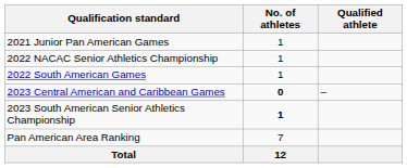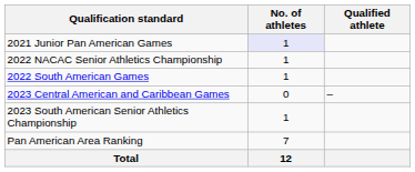 <table class="wikitable" style="text-align:left; width:600px;">
 <tr>
 <th>Qualification standard</th>
 <th>No. of athletes</th>
 <th>Qualified athlete</th>
 </tr>
 <tr>
 <td>2021 Junior Pan American Games</td>
-<td align=center>1</td>
+<td align=center style="background: lavender;">1</td>
 <td></td>
 </tr>
 <tr>
 <td>2022 NACAC Senior Athletics Championship</td>
 <td align=center>1</td>
 <td></td>
 </tr>
 <tr>
 <td><a href='#'>2022 South American Games</a></td>
 <td align=center>1</td>
 <td></td>
 </tr>
 <tr>
 <td><a href='#'>2023 Central American and Caribbean Games</a></td>
-<td align=center><strong>0</strong></td>
+<td align=center>0</td>
 <td>–</td>
 </tr>
 <tr>
 <td>2023 South American Senior Athletics Championship</td>
-<td align=center><strong>1</strong></td>
+<td align=center>1</td>
 <td></td>
 </tr>
 <tr>
 <td>Pan American Area Ranking</td>
 <td align=center>7</td>
 <td></td>
 </tr>
 <tr>
 <th>Total</th>
 <th>12</th>
 <th colspan=2></th>
 </tr>
 </table>
